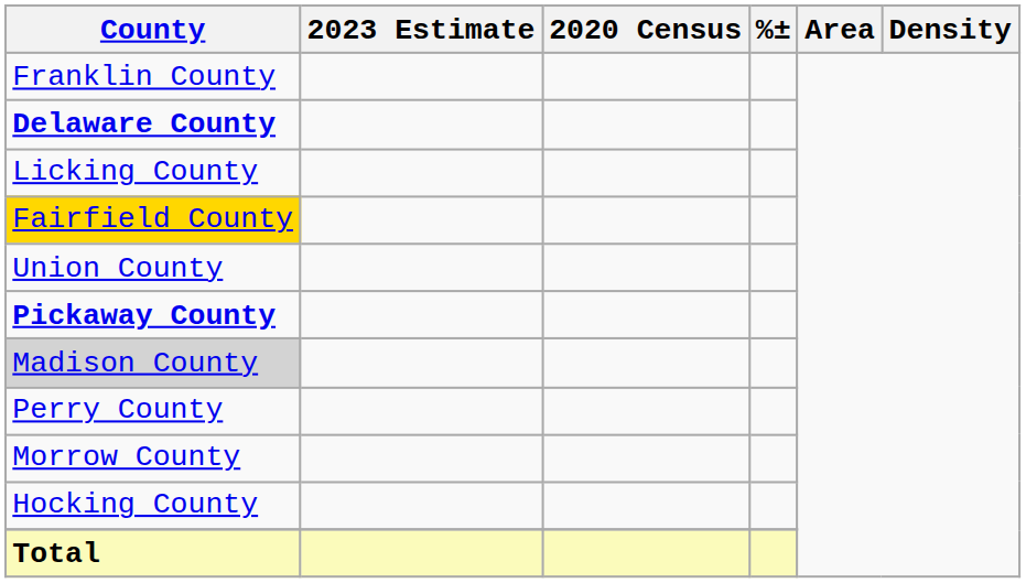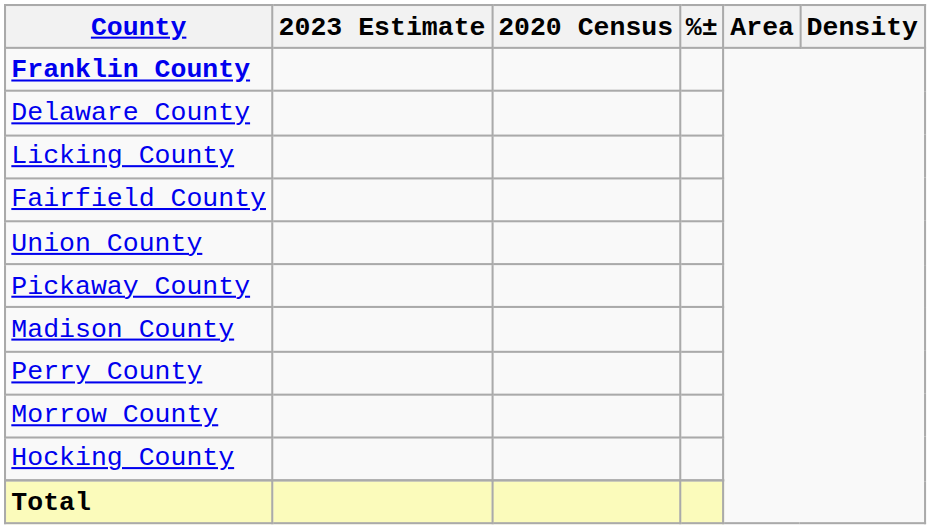 <table class="wikitable sortable">
 <tr>
 <th><a href='#'>County</a></th>
 <th>2023 Estimate</th>
 <th>2020 Census</th>
 <th>%±</th>
 <th>Area</th>
 <th>Density</th>
 </tr>
 <tr>
-<td><a href='#'>Franklin County</a></td>
+<td><strong><a href='#'>Franklin County</a></strong></td>
 <td></td>
 <td></td>
 <td></td>
 </tr>
 <tr>
-<td><strong><a href='#'>Delaware County</a></strong></td>
+<td><a href='#'>Delaware County</a></td>
 <td></td>
 <td></td>
 <td></td>
 </tr>
 <tr>
 <td><a href='#'>Licking County</a></td>
 <td></td>
 <td></td>
 <td></td>
 </tr>
 <tr>
-<td style="background: gold;"><a href='#'>Fairfield County</a></td>
+<td><a href='#'>Fairfield County</a></td>
 <td></td>
 <td></td>
 <td></td>
 </tr>
 <tr>
 <td><a href='#'>Union County</a></td>
 <td></td>
 <td></td>
 <td></td>
 </tr>
 <tr>
-<td><strong><a href='#'>Pickaway County</a></strong></td>
+<td><a href='#'>Pickaway County</a></td>
 <td></td>
 <td></td>
 <td></td>
 </tr>
 <tr>
-<td style="background: lightgrey;"><a href='#'>Madison County</a></td>
+<td><a href='#'>Madison County</a></td>
 <td></td>
 <td></td>
 <td></td>
 </tr>
 <tr>
 <td><a href='#'>Perry County</a></td>
 <td></td>
 <td></td>
 <td></td>
 </tr>
 <tr>
 <td><a href='#'>Morrow County</a></td>
 <td></td>
 <td></td>
 <td></td>
 </tr>
 <tr>
 <td><a href='#'>Hocking County</a></td>
 <td></td>
 <td></td>
 <td></td>
 </tr>
 <tr>
 </tr>
 <tr class=sortbottom style="background:#fbfbbb">
 <td><strong>Total</strong></td>
 <td></td>
 <td></td>
 <td></td>
 </tr>
 </table>
